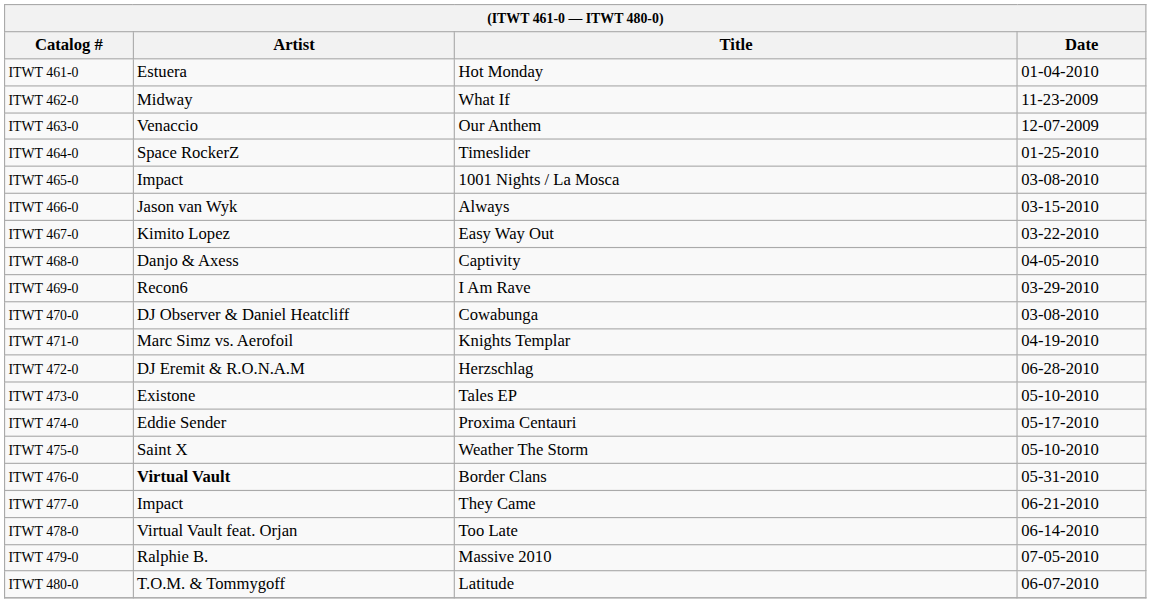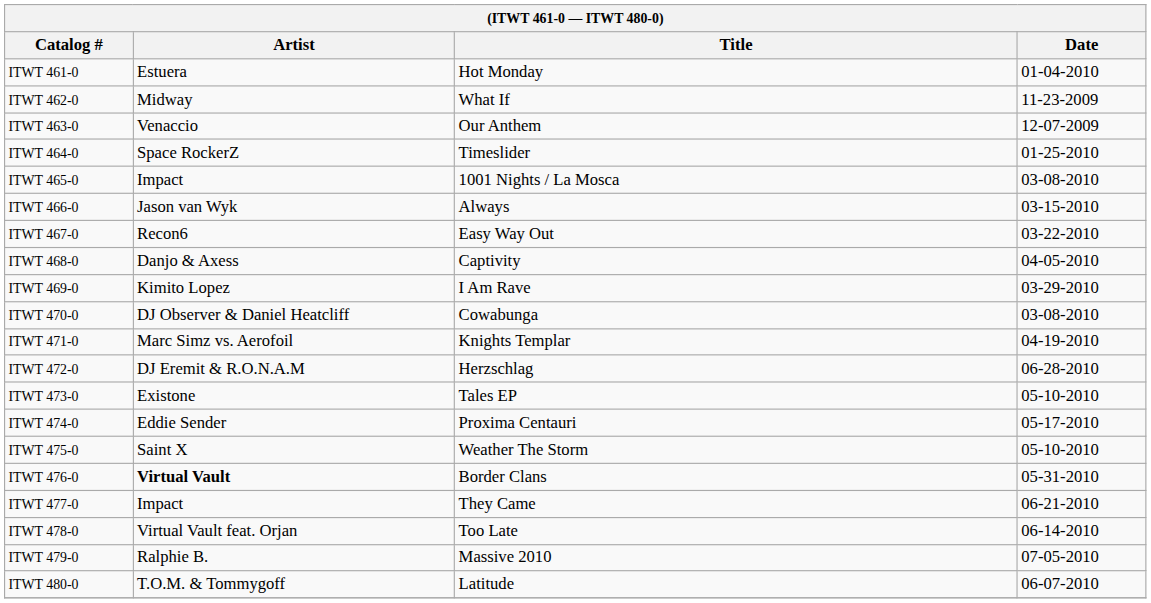 <table width="80%" class="wikitable collapsible collapsed" style="font-size:92%;position:relative;">
 <tr>
 <th colspan="5"><small>(ITWT 461-0 — ITWT 480-0)</small></th>
 </tr>
 <tr>
 <th width="8%">Catalog #</th>
 <th width="20%">Artist</th>
 <th width="35%">Title</th>
 <th width="8%">Date</th>
 </tr>
 <tr>
 <td><small>ITWT 461-0</small></td>
 <td>Estuera</td>
 <td>Hot Monday</td>
 <td>01-04-2010</td>
 </tr>
 <tr>
 <td><small>ITWT 462-0</small></td>
 <td>Midway</td>
 <td>What If</td>
 <td>11-23-2009</td>
 </tr>
 <tr>
 <td><small>ITWT 463-0</small></td>
 <td>Venaccio</td>
 <td>Our Anthem</td>
 <td>12-07-2009</td>
 </tr>
 <tr>
 <td><small>ITWT 464-0</small></td>
 <td>Space RockerZ</td>
 <td>Timeslider</td>
 <td>01-25-2010</td>
 </tr>
 <tr>
 <td><small>ITWT 465-0</small></td>
 <td>Impact</td>
 <td>1001 Nights / La Mosca</td>
 <td>03-08-2010</td>
 </tr>
 <tr>
 <td><small>ITWT 466-0</small></td>
 <td>Jason van Wyk</td>
 <td>Always</td>
 <td>03-15-2010</td>
 </tr>
 <tr>
 <td><small>ITWT 467-0</small></td>
-<td>Kimito Lopez</td>
+<td>Recon6</td>
 <td>Easy Way Out</td>
 <td>03-22-2010</td>
 </tr>
 <tr>
 <td><small>ITWT 468-0</small></td>
 <td>Danjo & Axess</td>
 <td>Captivity</td>
 <td>04-05-2010</td>
 </tr>
 <tr>
 <td><small>ITWT 469-0</small></td>
-<td>Recon6</td>
+<td>Kimito Lopez</td>
 <td>I Am Rave</td>
 <td>03-29-2010</td>
 </tr>
 <tr>
 <td><small>ITWT 470-0</small></td>
 <td>DJ Observer & Daniel Heatcliff</td>
 <td>Cowabunga</td>
 <td>03-08-2010</td>
 </tr>
 <tr>
 <td><small>ITWT 471-0</small></td>
 <td>Marc Simz vs. Aerofoil</td>
 <td>Knights Templar</td>
 <td>04-19-2010</td>
 </tr>
 <tr>
 <td><small>ITWT 472-0</small></td>
 <td>DJ Eremit & R.O.N.A.M</td>
 <td>Herzschlag</td>
 <td>06-28-2010</td>
 </tr>
 <tr>
 <td><small>ITWT 473-0</small></td>
 <td>Existone</td>
 <td>Tales EP</td>
 <td>05-10-2010</td>
 </tr>
 <tr>
 <td><small>ITWT 474-0</small></td>
 <td>Eddie Sender</td>
 <td>Proxima Centauri</td>
 <td>05-17-2010</td>
 </tr>
 <tr>
 <td><small>ITWT 475-0</small></td>
 <td>Saint X</td>
 <td>Weather The Storm</td>
 <td>05-10-2010</td>
 </tr>
 <tr>
 <td><small>ITWT 476-0</small></td>
 <td><strong>Virtual Vault</strong></td>
 <td>Border Clans</td>
 <td>05-31-2010</td>
 </tr>
 <tr>
 <td><small>ITWT 477-0</small></td>
 <td>Impact</td>
 <td>They Came</td>
 <td>06-21-2010</td>
 </tr>
 <tr>
 <td><small>ITWT 478-0</small></td>
 <td>Virtual Vault feat. Orjan</td>
 <td>Too Late</td>
 <td>06-14-2010</td>
 </tr>
 <tr>
 <td><small>ITWT 479-0</small></td>
 <td>Ralphie B.</td>
 <td>Massive 2010</td>
 <td>07-05-2010</td>
 </tr>
 <tr>
 <td><small>ITWT 480-0</small></td>
 <td>T.O.M. & Tommygoff</td>
 <td>Latitude</td>
 <td>06-07-2010</td>
 </tr>
 <tr>
 </tr>
 </table>
